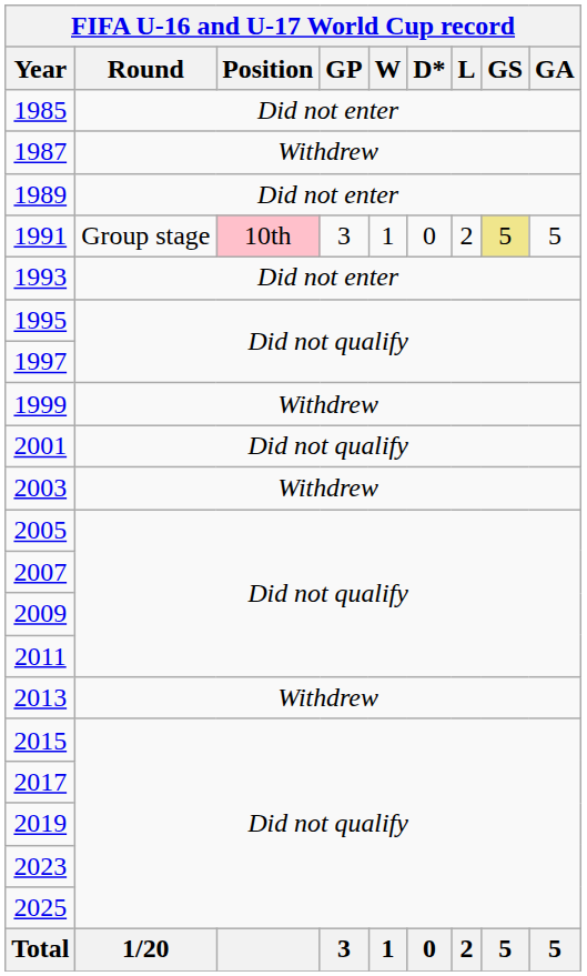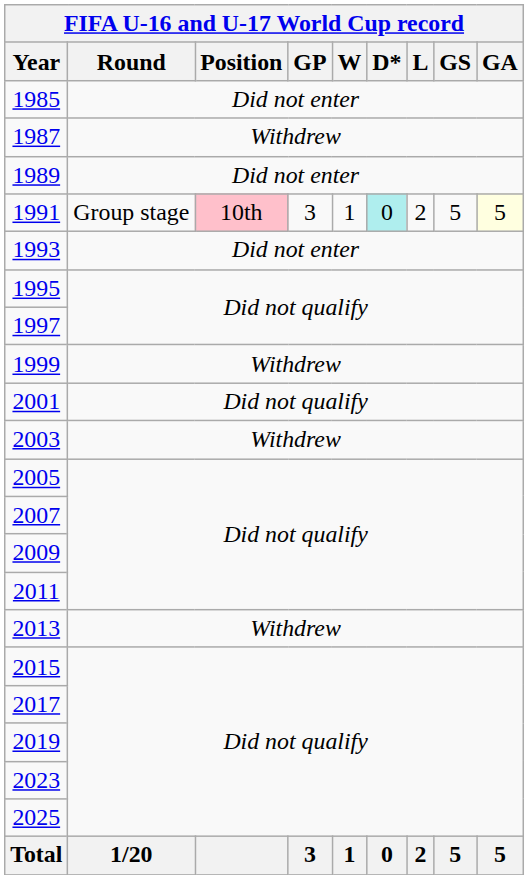 <table class="wikitable" style="text-align: center;">
 <tr>
 <th colspan=9><a href='#'>FIFA U-16 and U-17 World Cup record</a></th>
 </tr>
 <tr>
 <th>Year</th>
 <th>Round</th>
 <th>Position</th>
 <th>GP</th>
 <th>W</th>
 <th>D*</th>
 <th>L</th>
 <th>GS</th>
 <th>GA</th>
 </tr>
 <tr>
 <td> <a href='#'>1985</a></td>
 <td colspan=8><em>Did not enter</em></td>
 </tr>
 <tr>
 <td> <a href='#'>1987</a></td>
 <td colspan=8><em>Withdrew</em></td>
 </tr>
 <tr>
 <td> <a href='#'>1989</a></td>
 <td colspan=8><em>Did not enter</em></td>
 </tr>
 <tr>
 <td> <a href='#'>1991</a></td>
 <td>Group stage</td>
 <td style="background: pink;">10th</td>
 <td>3</td>
 <td>1</td>
-<td>0</td>
+<td style="background: paleturquoise;">0</td>
 <td>2</td>
-<td style="background: khaki;">5</td>
 <td>5</td>
+<td style="background: lightyellow;">5</td>
 </tr>
 <tr>
 <td> <a href='#'>1993</a></td>
 <td colspan=8><em>Did not enter</em></td>
 </tr>
 <tr>
 <td> <a href='#'>1995</a></td>
 <td colspan=8 rowspan=2><em>Did not qualify</em></td>
 </tr>
 <tr>
 <td> <a href='#'>1997</a></td>
 </tr>
 <tr>
 <td> <a href='#'>1999</a></td>
 <td colspan=8><em>Withdrew</em></td>
 </tr>
 <tr>
 <td> <a href='#'>2001</a></td>
 <td colspan=8><em>Did not qualify</em></td>
 </tr>
 <tr>
 <td> <a href='#'>2003</a></td>
 <td colspan=8><em>Withdrew</em></td>
 </tr>
 <tr>
 <td> <a href='#'>2005</a></td>
 <td colspan=8 rowspan=4><em>Did not qualify</em></td>
 </tr>
 <tr>
 <td> <a href='#'>2007</a></td>
 </tr>
 <tr>
 <td> <a href='#'>2009</a></td>
 </tr>
 <tr>
 <td> <a href='#'>2011</a></td>
 </tr>
 <tr>
 <td> <a href='#'>2013</a></td>
 <td colspan=8><em>Withdrew</em></td>
 </tr>
 <tr>
 <td> <a href='#'>2015</a></td>
 <td colspan=8 rowspan=5><em>Did not qualify</em></td>
 </tr>
 <tr>
 <td> <a href='#'>2017</a></td>
 </tr>
 <tr>
 <td> <a href='#'>2019</a></td>
 </tr>
 <tr>
 <td> <a href='#'>2023</a></td>
 </tr>
 <tr>
 <td> <a href='#'>2025</a></td>
 </tr>
 <tr>
 <th><strong>Total</strong></th>
 <th>1/20</th>
 <th></th>
 <th>3</th>
 <th>1</th>
 <th>0</th>
 <th>2</th>
 <th>5</th>
 <th>5</th>
 </tr>
 </table>
